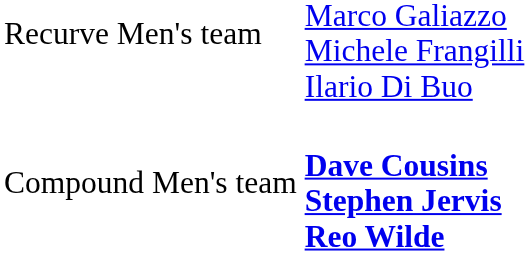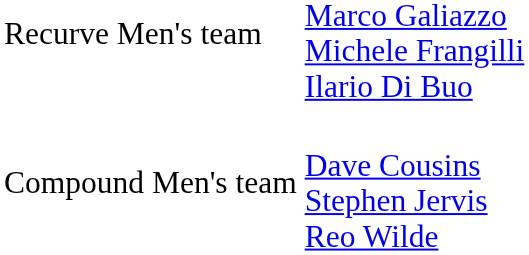 <table>
 <tr>
 <td>Recurve Men's team<br></td>
 <td><br><a href='#'>Marco Galiazzo</a><br><a href='#'>Michele Frangilli</a><br><a href='#'>Ilario Di Buo</a></td>
 <td><br></td>
 <td><br></td>
 </tr>
 <tr>
 <td>Compound Men's team<br></td>
-<td><strong><br><a href='#'>Dave Cousins</a><br><a href='#'>Stephen Jervis</a><br><a href='#'>Reo Wilde</a></strong></td>
+<td><br><a href='#'>Dave Cousins</a><br><a href='#'>Stephen Jervis</a><br><a href='#'>Reo Wilde</a></td>
 <td><br></td>
 <td><br></td>
 </tr>
 </table>
